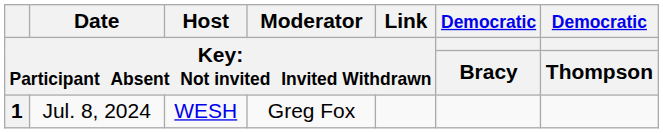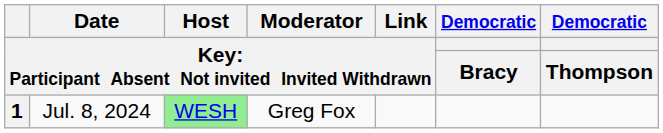 <table class="wikitable" style="text-align:center;">
 <tr>
 <th scope="col"></th>
 <th scope="col">Date</th>
 <th scope="col">Host</th>
 <th scope="col">Moderator</th>
 <th scope="col">Link</th>
 <th scope="col"><small><a href='#'>Democratic</a></small></th>
 <th scope="col"><small><a href='#'>Democratic</a></small></th>
 </tr>
 <tr>
 <th colspan="5" rowspan="2">Key:<br> <small>Participant </small>  <small>Absent </small>  <small>Not invited </small>  <small>Invited  Withdrawn</small></th>
 <th scope="col" style="background:"></th>
 <th scope="col" style="background:"></th>
 </tr>
 <tr>
 <th scope="col">Bracy</th>
 <th scope="col">Thompson</th>
 </tr>
 <tr>
 <th>1</th>
 <td style="white-space:nowrap;">Jul. 8, 2024</td>
-<td style="white-space:nowrap;"><a href='#'>WESH</a></td>
+<td style="background: lightgreen; white-space:nowrap;"><a href='#'>WESH</a></td>
 <td style="white-space:nowrap;">Greg Fox</td>
 <td style="white-space:nowrap;"></td>
 <td></td>
 <td></td>
 </tr>
 </table>
